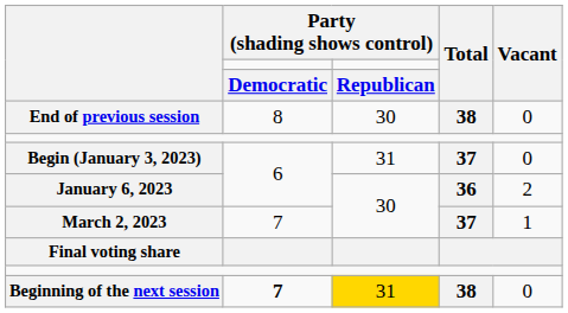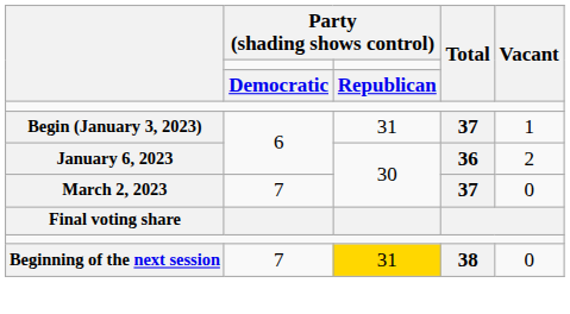 <table class="wikitable" style="text-align:center">
 <tr>
 <th rowspan="3" scope="col"> </th>
 <th colspan="2" scope="col">Party<div>(shading shows control)</div></th>
 <th rowspan="3" scope="col">Total</th>
 <th rowspan="3" scope="col">Vacant</th>
 </tr>
 <tr style="height:5px">
 <td style="background-color:"></td>
 <td style="background-color:"></td>
 </tr>
 <tr>
 <th scope="col"><a href='#'>Democratic</a></th>
 <th scope="col"><a href='#'>Republican</a></th>
 </tr>
 <tr>
-<th scope="row" style="font-size:85%">End of <a href='#'>previous session</a></th>
-<td>8</td>
-<td>30</td>
-<th>38</th>
-<td>0</td>
-</tr>
-<tr>
 <td colspan="5"></td>
 </tr>
 <tr>
 <th scope="row" style="font-size:85%">Begin (January 3, 2023)</th>
 <td rowspan="2">6</td>
 <td>31</td>
 <th>37</th>
-<td>0</td>
+<td>1</td>
 </tr>
 <tr>
 <th scope="row" style="font-size:85%">January 6, 2023</th>
 <td rowspan="2" >30</td>
 <th>36</th>
 <td>2</td>
 </tr>
 <tr>
 <th scope="row" style="font-size:85%">March 2, 2023</th>
 <td>7</td>
 <th>37</th>
-<td>1</td>
+<td>0</td>
 </tr>
 <tr>
 <th scope="row" style="font-size:85%">Final voting share</th>
 <th></th>
 <th></th>
 <th colspan="2"></th>
 </tr>
 <tr>
 <td colspan="5"></td>
 </tr>
 <tr>
 <th scope="row" style="font-size:85%">Beginning of the <a href='#'>next session</a></th>
-<td><strong>7</strong></td>
+<td>7</td>
 <td style="background: gold;">31</td>
 <th>38</th>
 <td>0</td>
 </tr>
 </table>
